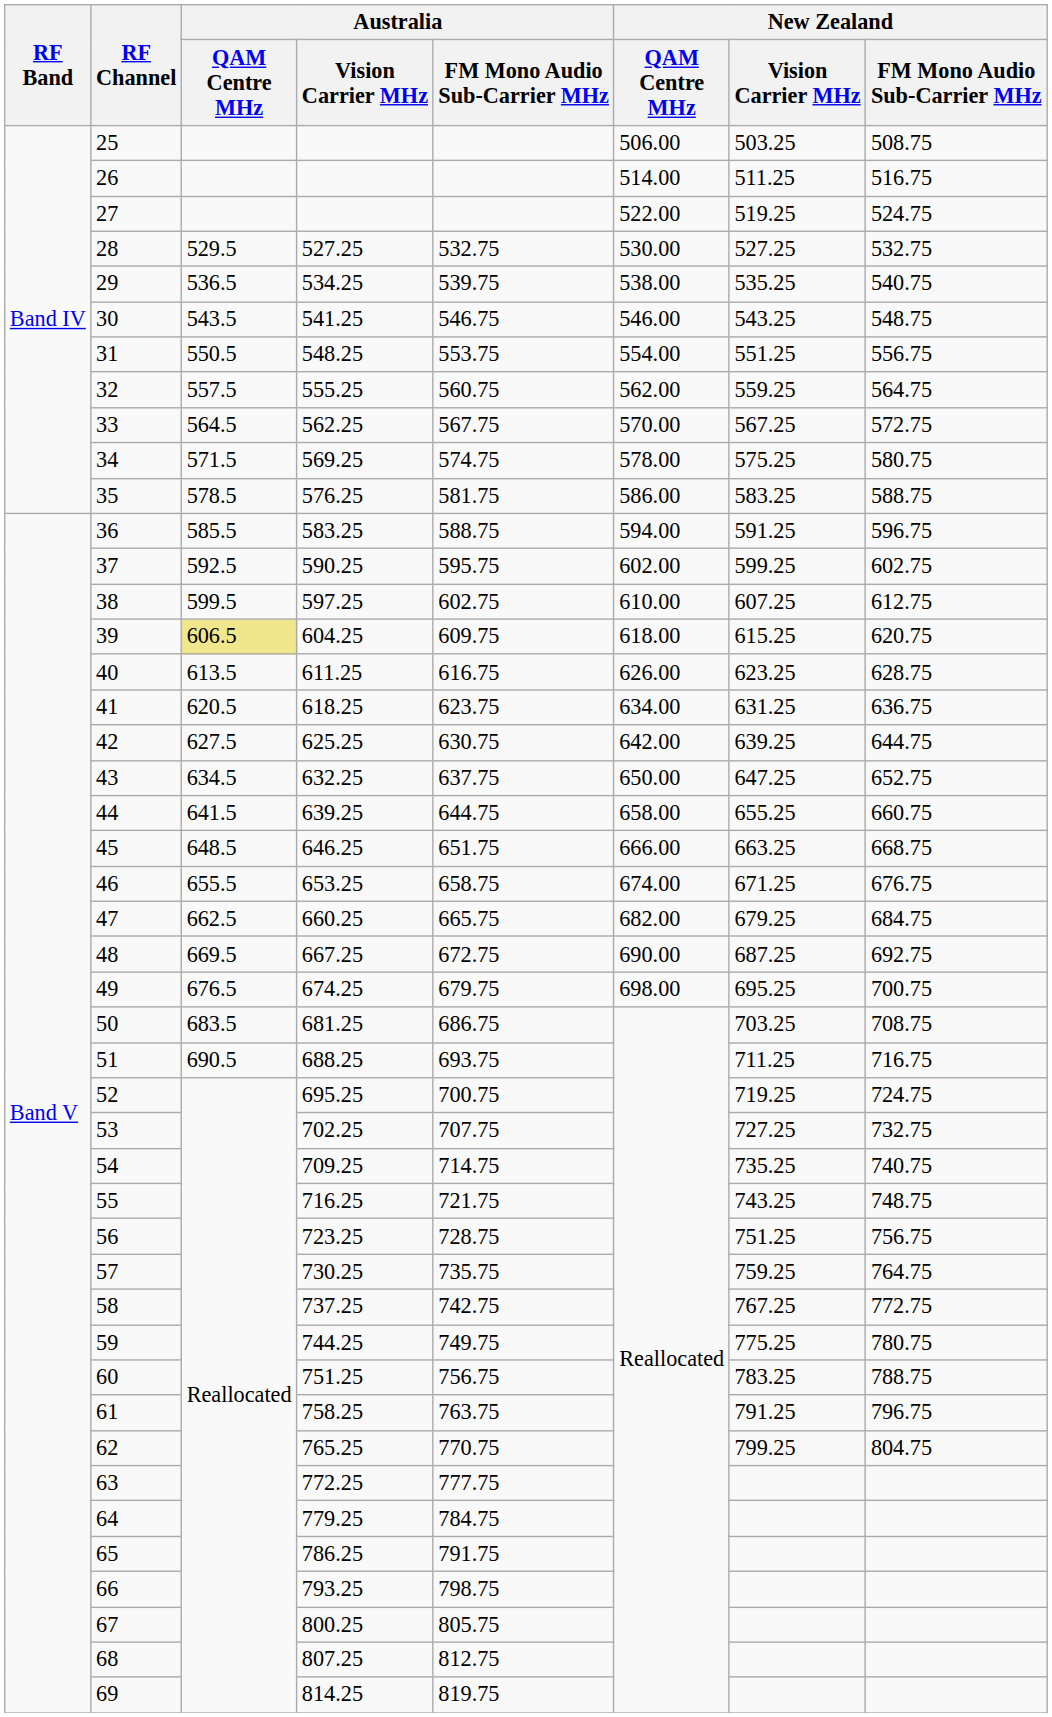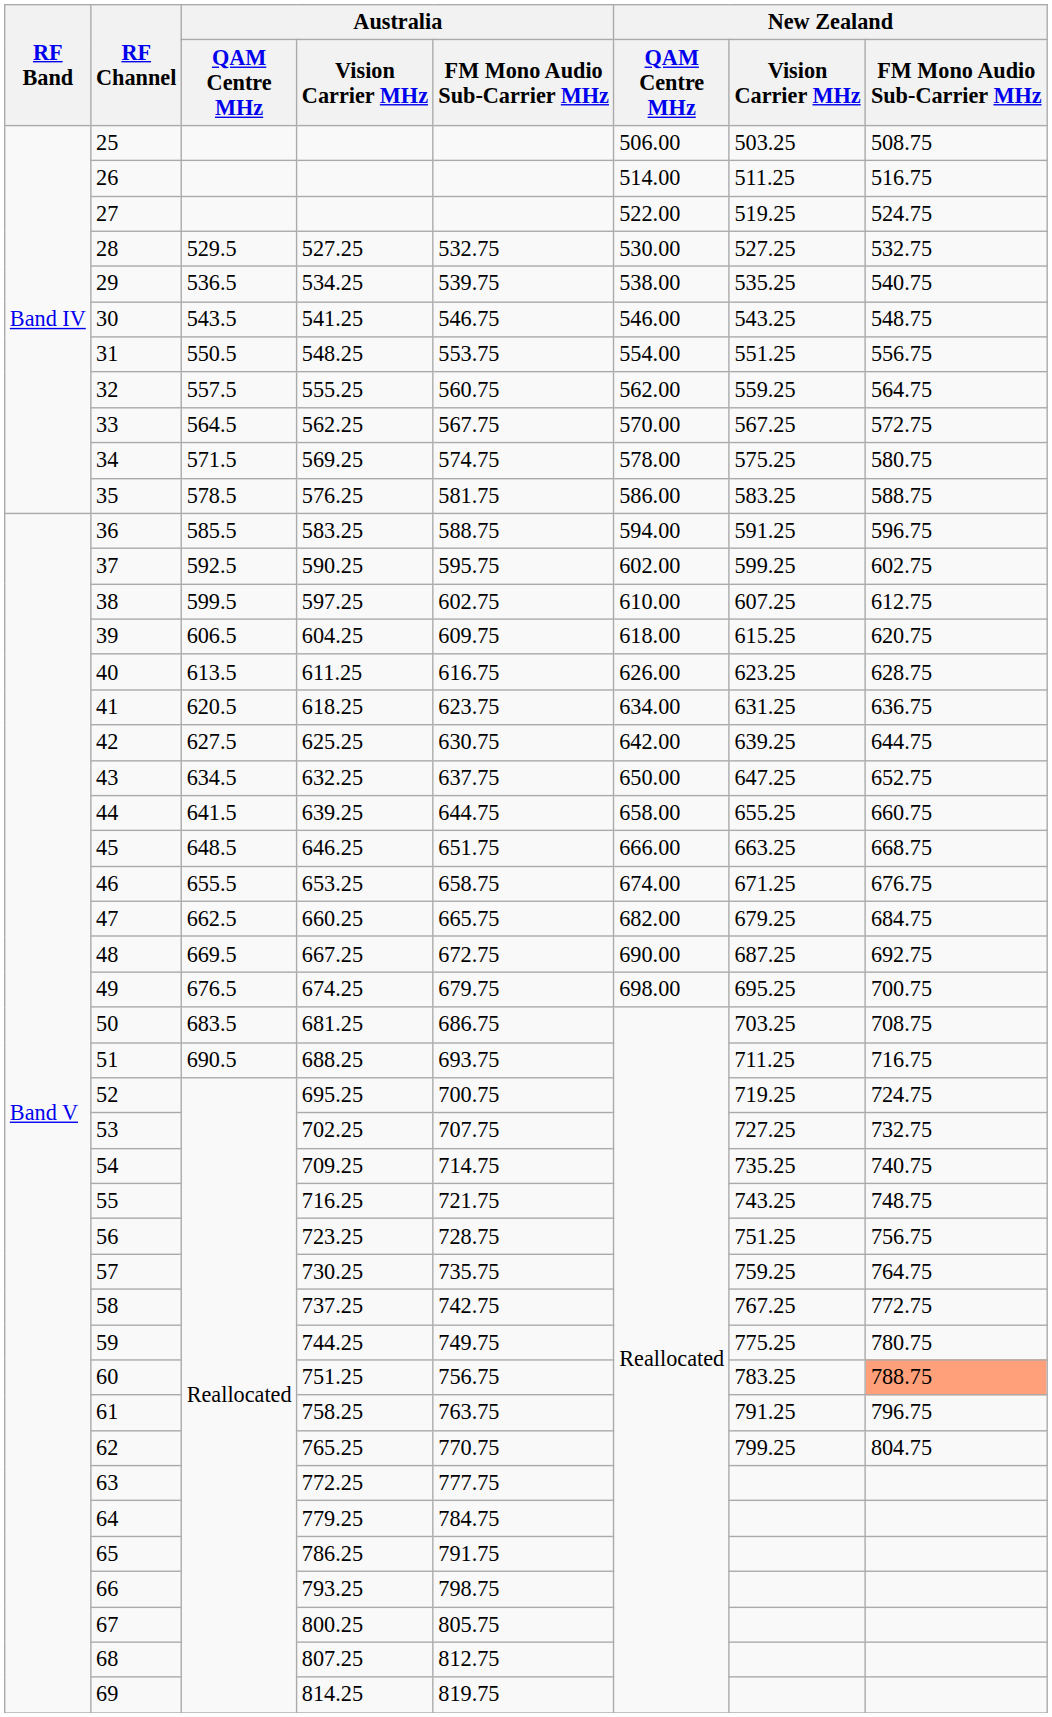 <table class="wikitable">
 <tr>
 <th rowspan="2"><a href='#'>RF</a><br>Band</th>
 <th rowspan="2"><a href='#'>RF</a><br>Channel</th>
 <th colspan="3">Australia</th>
 <th colspan="3">New Zealand</th>
 </tr>
 <tr>
 <th><a href='#'>QAM</a><br>Centre<br><a href='#'>MHz</a></th>
 <th>Vision<br>Carrier <a href='#'>MHz</a></th>
 <th>FM Mono Audio<br>Sub-Carrier <a href='#'>MHz</a></th>
 <th><a href='#'>QAM</a><br>Centre<br><a href='#'>MHz</a></th>
 <th>Vision<br>Carrier <a href='#'>MHz</a></th>
 <th>FM Mono Audio<br>Sub-Carrier <a href='#'>MHz</a></th>
 </tr>
 <tr>
 <td rowspan="11"><a href='#'>Band IV</a></td>
 <td>25</td>
 <td></td>
 <td></td>
 <td></td>
 <td>506.00</td>
 <td>503.25</td>
 <td>508.75</td>
 </tr>
 <tr>
 <td>26</td>
 <td></td>
 <td></td>
 <td></td>
 <td>514.00</td>
 <td>511.25</td>
 <td>516.75</td>
 </tr>
 <tr>
 <td>27</td>
 <td></td>
 <td></td>
 <td></td>
 <td>522.00</td>
 <td>519.25</td>
 <td>524.75</td>
 </tr>
 <tr>
 <td>28</td>
 <td>529.5</td>
 <td>527.25</td>
 <td>532.75</td>
 <td>530.00</td>
 <td>527.25</td>
 <td>532.75</td>
 </tr>
 <tr>
 <td>29</td>
 <td>536.5</td>
 <td>534.25</td>
 <td>539.75</td>
 <td>538.00</td>
 <td>535.25</td>
 <td>540.75</td>
 </tr>
 <tr>
 <td>30</td>
 <td>543.5</td>
 <td>541.25</td>
 <td>546.75</td>
 <td>546.00</td>
 <td>543.25</td>
 <td>548.75</td>
 </tr>
 <tr>
 <td>31</td>
 <td>550.5</td>
 <td>548.25</td>
 <td>553.75</td>
 <td>554.00</td>
 <td>551.25</td>
 <td>556.75</td>
 </tr>
 <tr>
 <td>32</td>
 <td>557.5</td>
 <td>555.25</td>
 <td>560.75</td>
 <td>562.00</td>
 <td>559.25</td>
 <td>564.75</td>
 </tr>
 <tr>
 <td>33</td>
 <td>564.5</td>
 <td>562.25</td>
 <td>567.75</td>
 <td>570.00</td>
 <td>567.25</td>
 <td>572.75</td>
 </tr>
 <tr>
 <td>34</td>
 <td>571.5</td>
 <td>569.25</td>
 <td>574.75</td>
 <td>578.00</td>
 <td>575.25</td>
 <td>580.75</td>
 </tr>
 <tr>
 <td>35</td>
 <td>578.5</td>
 <td>576.25</td>
 <td>581.75</td>
 <td>586.00</td>
 <td>583.25</td>
 <td>588.75</td>
 </tr>
 <tr>
 <td rowspan="34"><a href='#'>Band V</a></td>
 <td>36</td>
 <td>585.5</td>
 <td>583.25</td>
 <td>588.75</td>
 <td>594.00</td>
 <td>591.25</td>
 <td>596.75</td>
 </tr>
 <tr>
 <td>37</td>
 <td>592.5</td>
 <td>590.25</td>
 <td>595.75</td>
 <td>602.00</td>
 <td>599.25</td>
 <td>602.75</td>
 </tr>
 <tr>
 <td>38</td>
 <td>599.5</td>
 <td>597.25</td>
 <td>602.75</td>
 <td>610.00</td>
 <td>607.25</td>
 <td>612.75</td>
 </tr>
 <tr>
 <td>39</td>
-<td style="background: khaki;">606.5</td>
+<td>606.5</td>
 <td>604.25</td>
 <td>609.75</td>
 <td>618.00</td>
 <td>615.25</td>
 <td>620.75</td>
 </tr>
 <tr>
 <td>40</td>
 <td>613.5</td>
 <td>611.25</td>
 <td>616.75</td>
 <td>626.00</td>
 <td>623.25</td>
 <td>628.75</td>
 </tr>
 <tr>
 <td>41</td>
 <td>620.5</td>
 <td>618.25</td>
 <td>623.75</td>
 <td>634.00</td>
 <td>631.25</td>
 <td>636.75</td>
 </tr>
 <tr>
 <td>42</td>
 <td>627.5</td>
 <td>625.25</td>
 <td>630.75</td>
 <td>642.00</td>
 <td>639.25</td>
 <td>644.75</td>
 </tr>
 <tr>
 <td>43</td>
 <td>634.5</td>
 <td>632.25</td>
 <td>637.75</td>
 <td>650.00</td>
 <td>647.25</td>
 <td>652.75</td>
 </tr>
 <tr>
 <td>44</td>
 <td>641.5</td>
 <td>639.25</td>
 <td>644.75</td>
 <td>658.00</td>
 <td>655.25</td>
 <td>660.75</td>
 </tr>
 <tr>
 <td>45</td>
 <td>648.5</td>
 <td>646.25</td>
 <td>651.75</td>
 <td>666.00</td>
 <td>663.25</td>
 <td>668.75</td>
 </tr>
 <tr>
 <td>46</td>
 <td>655.5</td>
 <td>653.25</td>
 <td>658.75</td>
 <td>674.00</td>
 <td>671.25</td>
 <td>676.75</td>
 </tr>
 <tr>
 <td>47</td>
 <td>662.5</td>
 <td>660.25</td>
 <td>665.75</td>
 <td>682.00</td>
 <td>679.25</td>
 <td>684.75</td>
 </tr>
 <tr>
 <td>48</td>
 <td>669.5</td>
 <td>667.25</td>
 <td>672.75</td>
 <td>690.00</td>
 <td>687.25</td>
 <td>692.75</td>
 </tr>
 <tr>
 <td>49</td>
 <td>676.5</td>
 <td>674.25</td>
 <td>679.75</td>
 <td>698.00</td>
 <td>695.25</td>
 <td>700.75</td>
 </tr>
 <tr>
 <td>50</td>
 <td>683.5</td>
 <td>681.25</td>
 <td>686.75</td>
 <td rowspan="20">Reallocated</td>
 <td>703.25</td>
 <td>708.75</td>
 </tr>
 <tr>
 <td>51</td>
 <td>690.5</td>
 <td>688.25</td>
 <td>693.75</td>
 <td>711.25</td>
 <td>716.75</td>
 </tr>
 <tr>
 <td>52</td>
 <td rowspan="18">Reallocated</td>
 <td>695.25</td>
 <td>700.75</td>
 <td>719.25</td>
 <td>724.75</td>
 </tr>
 <tr>
 <td>53</td>
 <td>702.25</td>
 <td>707.75</td>
 <td>727.25</td>
 <td>732.75</td>
 </tr>
 <tr>
 <td>54</td>
 <td>709.25</td>
 <td>714.75</td>
 <td>735.25</td>
 <td>740.75</td>
 </tr>
 <tr>
 <td>55</td>
 <td>716.25</td>
 <td>721.75</td>
 <td>743.25</td>
 <td>748.75</td>
 </tr>
 <tr>
 <td>56</td>
 <td>723.25</td>
 <td>728.75</td>
 <td>751.25</td>
 <td>756.75</td>
 </tr>
 <tr>
 <td>57</td>
 <td>730.25</td>
 <td>735.75</td>
 <td>759.25</td>
 <td>764.75</td>
 </tr>
 <tr>
 <td>58</td>
 <td>737.25</td>
 <td>742.75</td>
 <td>767.25</td>
 <td>772.75</td>
 </tr>
 <tr>
 <td>59</td>
 <td>744.25</td>
 <td>749.75</td>
 <td>775.25</td>
 <td>780.75</td>
 </tr>
 <tr>
 <td>60</td>
 <td>751.25</td>
 <td>756.75</td>
 <td>783.25</td>
-<td>788.75</td>
+<td style="background: lightsalmon;">788.75</td>
 </tr>
 <tr>
 <td>61</td>
 <td>758.25</td>
 <td>763.75</td>
 <td>791.25</td>
 <td>796.75</td>
 </tr>
 <tr>
 <td>62</td>
 <td>765.25</td>
 <td>770.75</td>
 <td>799.25</td>
 <td>804.75</td>
 </tr>
 <tr>
 <td>63</td>
 <td>772.25</td>
 <td>777.75</td>
 <td></td>
 <td></td>
 </tr>
 <tr>
 <td>64</td>
 <td>779.25</td>
 <td>784.75</td>
 <td></td>
 <td></td>
 </tr>
 <tr>
 <td>65</td>
 <td>786.25</td>
 <td>791.75</td>
 <td></td>
 <td></td>
 </tr>
 <tr>
 <td>66</td>
 <td>793.25</td>
 <td>798.75</td>
 <td></td>
 <td></td>
 </tr>
 <tr>
 <td>67</td>
 <td>800.25</td>
 <td>805.75</td>
 <td></td>
 <td></td>
 </tr>
 <tr>
 <td>68</td>
 <td>807.25</td>
 <td>812.75</td>
 <td></td>
 <td></td>
 </tr>
 <tr>
 <td>69</td>
 <td>814.25</td>
 <td>819.75</td>
 <td></td>
 <td></td>
 </tr>
 </table>
